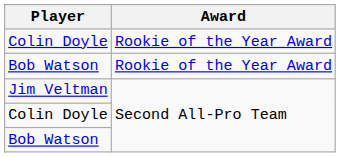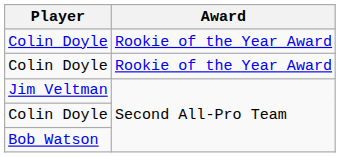 <table class="wikitable">
 <tr>
 <th>Player</th>
 <th>Award</th>
 </tr>
 <tr>
 <td><a href='#'>Colin Doyle</a></td>
 <td><a href='#'>Rookie of the Year Award</a></td>
 </tr>
 <tr>
-<td><a href='#'>Bob Watson</a></td>
+<td>Colin Doyle</td>
 <td><a href='#'>Rookie of the Year Award</a></td>
 </tr>
 <tr>
 <td><a href='#'>Jim Veltman</a></td>
 <td rowspan=3>Second All-Pro Team</td>
 </tr>
 <tr>
 <td>Colin Doyle</td>
 </tr>
 <tr>
 <td><a href='#'>Bob Watson</a></td>
 </tr>
 </table>
